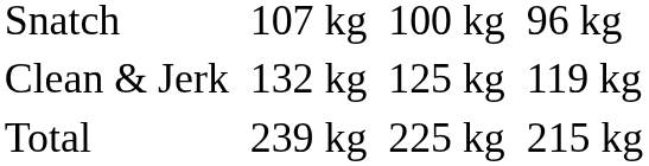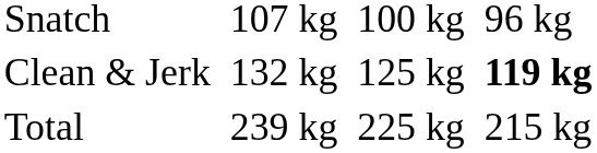 <table>
 <tr>
 <td>Snatch</td>
 <td></td>
 <td>107 kg</td>
 <td></td>
 <td>100 kg</td>
 <td></td>
 <td>96 kg</td>
 </tr>
 <tr>
 <td>Clean & Jerk</td>
 <td></td>
 <td>132 kg</td>
 <td></td>
 <td>125 kg</td>
 <td></td>
-<td>119 kg</td>
+<td><strong>119 kg</strong></td>
 </tr>
 <tr>
 <td>Total</td>
 <td></td>
 <td>239 kg</td>
 <td></td>
 <td>225 kg</td>
 <td></td>
 <td>215 kg</td>
 </tr>
 </table>
